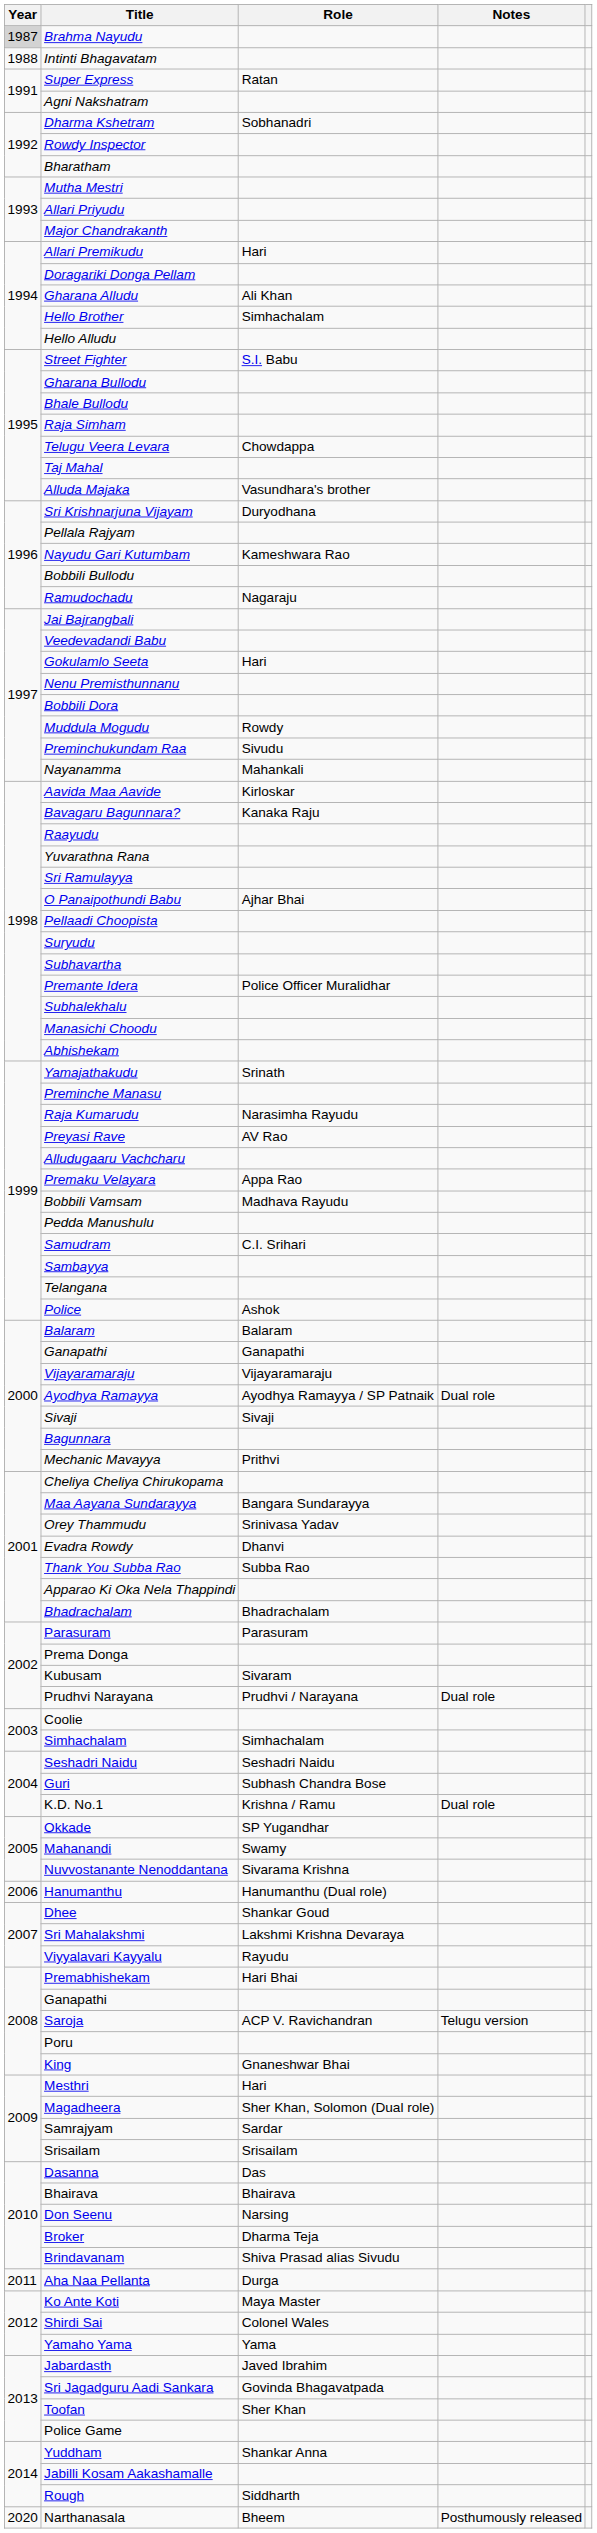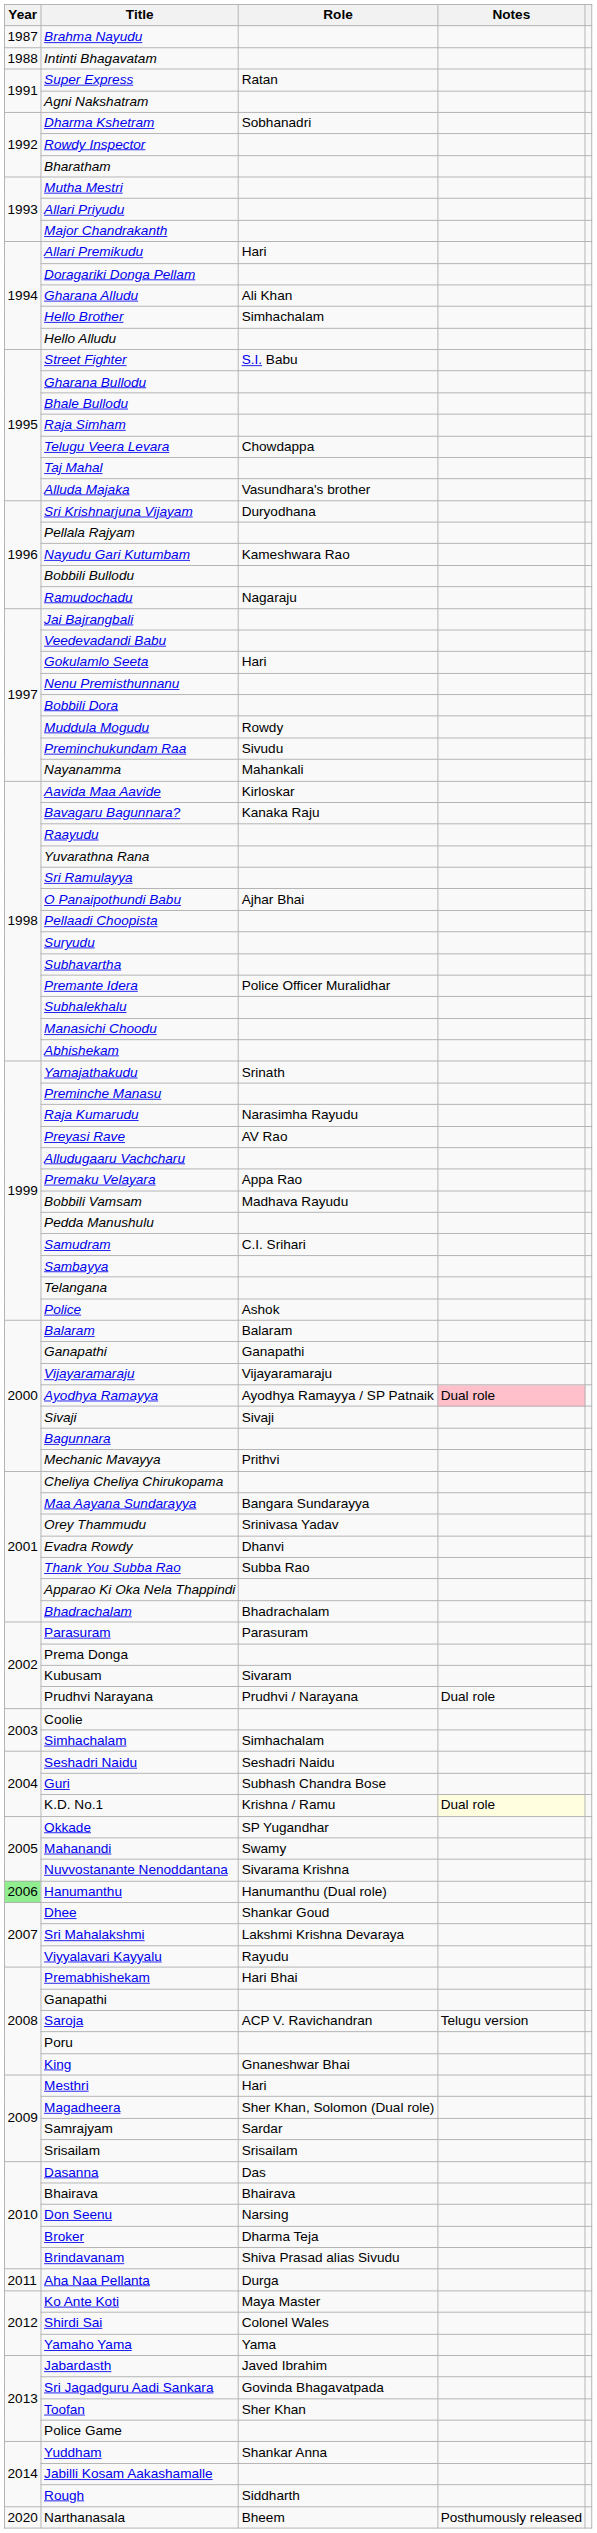 <table class="wikitable sortable">
 <tr>
 <th scope="col">Year</th>
 <th scope="col">Title</th>
 <th scope="col">Role</th>
 <th scope="col" class="unsortable">Notes</th>
 <th scope="col" class="unsortable" ></th>
 </tr>
 <tr>
-<td style="background: lightgrey;">1987</td>
+<td>1987</td>
 <td><em><a href='#'>Brahma Nayudu</a></em></td>
 <td></td>
 <td></td>
 <td></td>
 </tr>
 <tr>
 <td>1988</td>
 <td><em>Intinti Bhagavatam</em></td>
 <td></td>
 <td></td>
 <td></td>
 </tr>
 <tr>
 <td rowspan="2">1991</td>
 <td><em><a href='#'>Super Express</a></em></td>
 <td>Ratan</td>
 <td></td>
 <td></td>
 </tr>
 <tr>
 <td><em>Agni Nakshatram</em></td>
 <td></td>
 <td></td>
 <td></td>
 </tr>
 <tr>
 <td rowspan="3">1992</td>
 <td><em><a href='#'>Dharma Kshetram</a></em></td>
 <td>Sobhanadri</td>
 <td></td>
 <td></td>
 </tr>
 <tr>
 <td><em><a href='#'>Rowdy Inspector</a></em></td>
 <td></td>
 <td></td>
 <td></td>
 </tr>
 <tr>
 <td><em>Bharatham</em></td>
 <td></td>
 <td></td>
 <td></td>
 </tr>
 <tr>
 <td rowspan="3">1993</td>
 <td><em><a href='#'>Mutha Mestri</a></em></td>
 <td></td>
 <td></td>
 <td></td>
 </tr>
 <tr>
 <td><em><a href='#'>Allari Priyudu</a></em></td>
 <td></td>
 <td></td>
 <td></td>
 </tr>
 <tr>
 <td><em><a href='#'>Major Chandrakanth</a></em></td>
 <td></td>
 <td></td>
 <td></td>
 </tr>
 <tr>
 <td rowspan="5">1994</td>
 <td><em><a href='#'>Allari Premikudu</a></em></td>
 <td>Hari</td>
 <td></td>
 <td></td>
 </tr>
 <tr>
 <td><em><a href='#'>Doragariki Donga Pellam</a></em></td>
 <td></td>
 <td></td>
 <td></td>
 </tr>
 <tr>
 <td><em><a href='#'>Gharana Alludu</a></em></td>
 <td>Ali Khan</td>
 <td></td>
 <td></td>
 </tr>
 <tr>
 <td><em><a href='#'>Hello Brother</a></em></td>
 <td>Simhachalam</td>
 <td></td>
 <td></td>
 </tr>
 <tr>
 <td><em>Hello Alludu</em></td>
 <td></td>
 <td></td>
 <td></td>
 </tr>
 <tr>
 <td rowspan="7">1995</td>
 <td><em><a href='#'>Street Fighter</a></em></td>
 <td><a href='#'>S.I.</a> Babu</td>
 <td></td>
 <td></td>
 </tr>
 <tr>
 <td><em><a href='#'>Gharana Bullodu</a></em></td>
 <td></td>
 <td></td>
 <td></td>
 </tr>
 <tr>
 <td><em><a href='#'>Bhale Bullodu</a></em></td>
 <td></td>
 <td></td>
 <td></td>
 </tr>
 <tr>
 <td><em><a href='#'>Raja Simham</a></em></td>
 <td></td>
 <td></td>
 <td></td>
 </tr>
 <tr>
 <td><em><a href='#'>Telugu Veera Levara</a></em></td>
 <td>Chowdappa</td>
 <td></td>
 <td></td>
 </tr>
 <tr>
 <td><em><a href='#'>Taj Mahal</a></em></td>
 <td></td>
 <td></td>
 <td></td>
 </tr>
 <tr>
 <td><em><a href='#'>Alluda Majaka</a></em></td>
 <td>Vasundhara's brother</td>
 <td></td>
 <td></td>
 </tr>
 <tr>
 <td rowspan="5">1996</td>
 <td><em><a href='#'>Sri Krishnarjuna Vijayam</a></em></td>
 <td>Duryodhana</td>
 <td></td>
 <td></td>
 </tr>
 <tr>
 <td><em>Pellala Rajyam</em></td>
 <td></td>
 <td></td>
 <td></td>
 </tr>
 <tr>
 <td><em><a href='#'>Nayudu Gari Kutumbam</a></em></td>
 <td>Kameshwara Rao</td>
 <td></td>
 <td></td>
 </tr>
 <tr>
 <td><em>Bobbili Bullodu</em></td>
 <td></td>
 <td></td>
 <td></td>
 </tr>
 <tr>
 <td><em><a href='#'>Ramudochadu</a></em></td>
 <td>Nagaraju</td>
 <td></td>
 <td></td>
 </tr>
 <tr>
 <td rowspan="8">1997</td>
 <td><em><a href='#'>Jai Bajrangbali</a></em></td>
 <td></td>
 <td></td>
 <td></td>
 </tr>
 <tr>
 <td><em><a href='#'>Veedevadandi Babu</a></em></td>
 <td></td>
 <td></td>
 <td></td>
 </tr>
 <tr>
 <td><em><a href='#'>Gokulamlo Seeta</a></em></td>
 <td>Hari</td>
 <td></td>
 <td></td>
 </tr>
 <tr>
 <td><em><a href='#'>Nenu Premisthunnanu</a></em></td>
 <td></td>
 <td></td>
 <td></td>
 </tr>
 <tr>
 <td><em><a href='#'>Bobbili Dora</a></em></td>
 <td></td>
 <td></td>
 <td></td>
 </tr>
 <tr>
 <td><em><a href='#'>Muddula Mogudu</a></em></td>
 <td>Rowdy</td>
 <td></td>
 <td></td>
 </tr>
 <tr>
 <td><em><a href='#'>Preminchukundam Raa</a></em></td>
 <td>Sivudu</td>
 <td></td>
 <td></td>
 </tr>
 <tr>
 <td><em>Nayanamma</em></td>
 <td>Mahankali</td>
 <td></td>
 <td></td>
 </tr>
 <tr>
 <td rowspan="13">1998</td>
 <td><em><a href='#'>Aavida Maa Aavide</a></em></td>
 <td>Kirloskar</td>
 <td></td>
 <td></td>
 </tr>
 <tr>
 <td><em><a href='#'>Bavagaru Bagunnara?</a></em></td>
 <td>Kanaka Raju</td>
 <td></td>
 <td></td>
 </tr>
 <tr>
 <td><em><a href='#'>Raayudu</a></em></td>
 <td></td>
 <td></td>
 <td></td>
 </tr>
 <tr>
 <td><em>Yuvarathna Rana</em></td>
 <td></td>
 <td></td>
 <td></td>
 </tr>
 <tr>
 <td><em><a href='#'>Sri Ramulayya</a></em></td>
 <td></td>
 <td></td>
 <td></td>
 </tr>
 <tr>
 <td><em><a href='#'>O Panaipothundi Babu</a></em></td>
 <td>Ajhar Bhai</td>
 <td></td>
 <td></td>
 </tr>
 <tr>
 <td><em><a href='#'>Pellaadi Choopista</a></em></td>
 <td></td>
 <td></td>
 <td></td>
 </tr>
 <tr>
 <td><em><a href='#'>Suryudu</a></em></td>
 <td></td>
 <td></td>
 <td></td>
 </tr>
 <tr>
 <td><em><a href='#'>Subhavartha</a></em></td>
 <td></td>
 <td></td>
 <td></td>
 </tr>
 <tr>
 <td><em><a href='#'>Premante Idera</a></em></td>
 <td>Police Officer Muralidhar</td>
 <td></td>
 <td></td>
 </tr>
 <tr>
 <td><em><a href='#'>Subhalekhalu</a></em></td>
 <td></td>
 <td></td>
 <td></td>
 </tr>
 <tr>
 <td><em><a href='#'>Manasichi Choodu</a></em></td>
 <td></td>
 <td></td>
 <td></td>
 </tr>
 <tr>
 <td><em><a href='#'>Abhishekam</a></em></td>
 <td></td>
 <td></td>
 <td></td>
 </tr>
 <tr>
 <td rowspan="12">1999</td>
 <td><em><a href='#'>Yamajathakudu</a></em></td>
 <td>Srinath</td>
 <td></td>
 <td></td>
 </tr>
 <tr>
 <td><em><a href='#'>Preminche Manasu</a></em></td>
 <td></td>
 <td></td>
 <td></td>
 </tr>
 <tr>
 <td><em><a href='#'>Raja Kumarudu</a></em></td>
 <td>Narasimha Rayudu</td>
 <td></td>
 <td></td>
 </tr>
 <tr>
 <td><em><a href='#'>Preyasi Rave</a></em></td>
 <td>AV Rao</td>
 <td></td>
 <td></td>
 </tr>
 <tr>
 <td><em><a href='#'>Alludugaaru Vachcharu</a></em></td>
 <td></td>
 <td></td>
 <td></td>
 </tr>
 <tr>
 <td><em><a href='#'>Premaku Velayara</a></em></td>
 <td>Appa Rao</td>
 <td></td>
 <td></td>
 </tr>
 <tr>
 <td><em>Bobbili Vamsam</em></td>
 <td>Madhava Rayudu</td>
 <td></td>
 <td></td>
 </tr>
 <tr>
 <td><em>Pedda Manushulu</em></td>
 <td></td>
 <td></td>
 <td></td>
 </tr>
 <tr>
 <td><em><a href='#'>Samudram</a></em></td>
 <td>C.I. Srihari</td>
 <td></td>
 <td></td>
 </tr>
 <tr>
 <td><em><a href='#'>Sambayya</a></em></td>
 <td></td>
 <td></td>
 <td></td>
 </tr>
 <tr>
 <td><em>Telangana</em></td>
 <td></td>
 <td></td>
 <td></td>
 </tr>
 <tr>
 <td><em><a href='#'>Police</a></em></td>
 <td>Ashok</td>
 <td></td>
 <td></td>
 </tr>
 <tr>
 <td rowspan="7">2000</td>
 <td><em><a href='#'>Balaram</a></em></td>
 <td>Balaram</td>
 <td></td>
 <td></td>
 </tr>
 <tr>
 <td><em>Ganapathi</em></td>
 <td>Ganapathi</td>
 <td></td>
 <td></td>
 </tr>
 <tr>
 <td><em><a href='#'>Vijayaramaraju</a></em></td>
 <td>Vijayaramaraju</td>
 <td></td>
 <td></td>
 </tr>
 <tr>
 <td><em><a href='#'>Ayodhya Ramayya</a></em></td>
 <td>Ayodhya Ramayya / SP Patnaik</td>
-<td>Dual role</td>
+<td style="background: pink;">Dual role</td>
 <td></td>
 </tr>
 <tr>
 <td><em>Sivaji</em></td>
 <td>Sivaji</td>
 <td></td>
 <td></td>
 </tr>
 <tr>
 <td><em><a href='#'>Bagunnara</a></em></td>
 <td></td>
 <td></td>
 <td></td>
 </tr>
 <tr>
 <td><em>Mechanic Mavayya</em></td>
 <td>Prithvi</td>
 <td></td>
 <td></td>
 </tr>
 <tr>
 <td rowspan="7">2001</td>
 <td><em>Cheliya Cheliya Chirukopama</em></td>
 <td></td>
 <td></td>
 <td></td>
 </tr>
 <tr>
 <td><em><a href='#'>Maa Aayana Sundarayya</a></em></td>
 <td>Bangara Sundarayya</td>
 <td></td>
 <td></td>
 </tr>
 <tr>
 <td><em>Orey Thammudu</em></td>
 <td>Srinivasa Yadav</td>
 <td></td>
 <td></td>
 </tr>
 <tr>
 <td><em>Evadra Rowdy</em></td>
 <td>Dhanvi</td>
 <td></td>
 <td></td>
 </tr>
 <tr>
 <td><em><a href='#'>Thank You Subba Rao</a></em></td>
 <td>Subba Rao</td>
 <td></td>
 <td></td>
 </tr>
 <tr>
 <td><em>Apparao Ki Oka Nela Thappindi</em></td>
 <td></td>
 <td></td>
 <td></td>
 </tr>
 <tr>
 <td><em><a href='#'>Bhadrachalam</a></em></td>
 <td>Bhadrachalam</td>
 <td></td>
 <td></td>
 </tr>
 <tr>
 <td rowspan="4">2002</td>
 <td><em><a href='#'></em>Parasuram<em></a></td>
 <td>Parasuram</td>
 <td></td>
 <td></td>
 </tr>
 <tr>
 <td></em>Prema Donga<em></td>
 <td></td>
 <td></td>
 <td></td>
 </tr>
 <tr>
 <td></em>Kubusam<em></td>
 <td>Sivaram</td>
 <td></td>
 <td></td>
 </tr>
 <tr>
 <td></em>Prudhvi Narayana<em></td>
 <td>Prudhvi / Narayana</td>
 <td>Dual role</td>
 <td></td>
 </tr>
 <tr>
 <td rowspan="2">2003</td>
 <td></em>Coolie<em></td>
 <td></td>
 <td></td>
 <td></td>
 </tr>
 <tr>
 <td></em><a href='#'>Simhachalam</a><em></td>
 <td>Simhachalam</td>
 <td></td>
 <td></td>
 </tr>
 <tr>
 <td rowspan="3">2004</td>
 <td></em><a href='#'>Seshadri Naidu</a><em></td>
 <td>Seshadri Naidu</td>
 <td></td>
 <td></td>
 </tr>
 <tr>
 <td></em><a href='#'>Guri</a><em></td>
 <td>Subhash Chandra Bose</td>
 <td></td>
 <td></td>
 </tr>
 <tr>
 <td></em>K.D. No.1<em></td>
 <td>Krishna / Ramu</td>
-<td>Dual role</td>
+<td style="background: lightyellow;">Dual role</td>
 <td></td>
 </tr>
 <tr>
 <td rowspan="3">2005</td>
 <td></em><a href='#'>Okkade</a><em></td>
 <td>SP Yugandhar</td>
 <td></td>
 <td></td>
 </tr>
 <tr>
 <td></em><a href='#'>Mahanandi</a><em></td>
 <td>Swamy</td>
 <td></td>
 <td></td>
 </tr>
 <tr>
 <td></em><a href='#'>Nuvvostanante Nenoddantana</a><em></td>
 <td>Sivarama Krishna</td>
 <td></td>
 <td></td>
 </tr>
 <tr>
-<td>2006</td>
+<td style="background: lightgreen;">2006</td>
 <td></em><a href='#'>Hanumanthu</a><em></td>
 <td>Hanumanthu (Dual role)</td>
 <td></td>
 <td></td>
 </tr>
 <tr>
 <td rowspan="3">2007</td>
 <td></em><a href='#'>Dhee</a><em></td>
 <td>Shankar Goud</td>
 <td></td>
 <td></td>
 </tr>
 <tr>
 <td></em><a href='#'>Sri Mahalakshmi</a><em></td>
 <td>Lakshmi Krishna Devaraya</td>
 <td></td>
 <td></td>
 </tr>
 <tr>
 <td></em><a href='#'>Viyyalavari Kayyalu</a><em></td>
 <td>Rayudu</td>
 <td></td>
 <td></td>
 </tr>
 <tr>
 <td rowspan="5">2008</td>
 <td></em><a href='#'>Premabhishekam</a><em></td>
 <td>Hari Bhai</td>
 <td></td>
 <td></td>
 </tr>
 <tr>
 <td></em>Ganapathi<em></td>
 <td></td>
 <td></td>
 <td></td>
 </tr>
 <tr>
 <td></em><a href='#'>Saroja</a><em></td>
 <td>ACP V. Ravichandran</td>
 <td>Telugu version</td>
 <td></td>
 </tr>
 <tr>
 <td></em>Poru<em></td>
 <td></td>
 <td></td>
 <td></td>
 </tr>
 <tr>
 <td></em><a href='#'>King</a><em></td>
 <td>Gnaneshwar Bhai</td>
 <td></td>
 <td></td>
 </tr>
 <tr>
 <td rowspan="4">2009</td>
 <td></em><a href='#'>Mesthri</a><em></td>
 <td>Hari</td>
 <td></td>
 <td></td>
 </tr>
 <tr>
 <td></em><a href='#'>Magadheera</a><em></td>
 <td>Sher Khan, Solomon (Dual role)</td>
 <td></td>
 <td></td>
 </tr>
 <tr>
 <td></em>Samrajyam<em></td>
 <td>Sardar</td>
 <td></td>
 <td></td>
 </tr>
 <tr>
 <td></em>Srisailam<em></td>
 <td>Srisailam</td>
 <td></td>
 <td></td>
 </tr>
 <tr>
 <td rowspan="5">2010</td>
 <td></em><a href='#'>Dasanna</a><em></td>
 <td>Das</td>
 <td></td>
 <td></td>
 </tr>
 <tr>
 <td></em>Bhairava<em></td>
 <td>Bhairava</td>
 <td></td>
 <td></td>
 </tr>
 <tr>
 <td></em><a href='#'>Don Seenu</a><em></td>
 <td>Narsing</td>
 <td></td>
 <td></td>
 </tr>
 <tr>
 <td></em><a href='#'>Broker</a><em></td>
 <td>Dharma Teja</td>
 <td></td>
 <td></td>
 </tr>
 <tr>
 <td></em><a href='#'>Brindavanam</a><em></td>
 <td>Shiva Prasad alias Sivudu</td>
 <td></td>
 <td></td>
 </tr>
 <tr>
 <td>2011</td>
 <td></em><a href='#'>Aha Naa Pellanta</a><em></td>
 <td>Durga</td>
 <td></td>
 <td></td>
 </tr>
 <tr>
 <td rowspan="3">2012</td>
 <td></em><a href='#'>Ko Ante Koti</a><em></td>
 <td>Maya Master</td>
 <td></td>
 <td></td>
 </tr>
 <tr>
 <td></em><a href='#'>Shirdi Sai</a><em></td>
 <td>Colonel Wales</td>
 <td></td>
 <td></td>
 </tr>
 <tr>
 <td></em><a href='#'>Yamaho Yama</a><em></td>
 <td>Yama</td>
 <td></td>
 <td></td>
 </tr>
 <tr>
 <td rowspan="4">2013</td>
 <td></em><a href='#'>Jabardasth</a><em></td>
 <td>Javed Ibrahim</td>
 <td></td>
 <td></td>
 </tr>
 <tr>
 <td></em><a href='#'>Sri Jagadguru Aadi Sankara</a><em></td>
 <td>Govinda Bhagavatpada</td>
 <td></td>
 <td></td>
 </tr>
 <tr>
 <td></em><a href='#'>Toofan</a><em></td>
 <td>Sher Khan</td>
 <td></td>
 <td></td>
 </tr>
 <tr>
 <td></em>Police Game<em></td>
 <td></td>
 <td></td>
 <td></td>
 </tr>
 <tr>
 <td rowspan="3">2014</td>
 <td></em><a href='#'>Yuddham</a><em></td>
 <td>Shankar Anna</td>
 <td></td>
 <td></td>
 </tr>
 <tr>
 <td></em><a href='#'>Jabilli Kosam Aakashamalle</a><em></td>
 <td></td>
 <td></td>
 <td></td>
 </tr>
 <tr>
 <td></em><a href='#'>Rough</a><em></td>
 <td>Siddharth</td>
 <td></td>
 <td></td>
 </tr>
 <tr>
 <td>2020</td>
 <td></em>Narthanasala<em></td>
 <td>Bheem</td>
 <td>Posthumously released</td>
 <td></td>
 </tr>
 </table>
